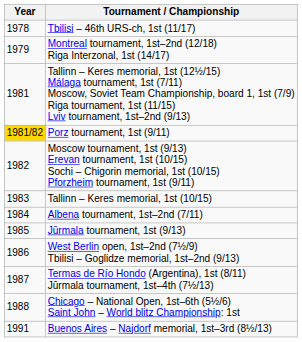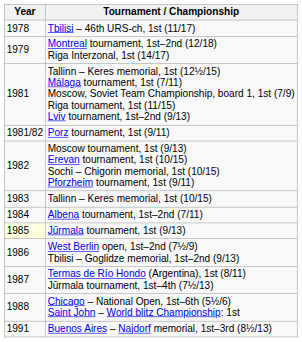 <table class="wikitable">
 <tr>
 <th>Year</th>
 <th>Tournament / Championship</th>
 </tr>
 <tr>
 <td>1978</td>
 <td><a href='#'>Tbilisi</a> – 46th URS-ch, 1st (11/17)</td>
 </tr>
 <tr>
 <td>1979</td>
 <td><a href='#'>Montreal</a> tournament, 1st–2nd (12/18)<br>Riga Interzonal, 1st (14/17)</td>
 </tr>
 <tr>
 <td>1981</td>
 <td>Tallinn – Keres memorial, 1st (12½/15) <br> <a href='#'>Málaga</a> tournament, 1st (7/11)<br>Moscow, Soviet Team Championship, board 1, 1st (7/9)  <br> Riga tournament, 1st (11/15) <br> <a href='#'>Lviv</a> tournament, 1st–2nd (9/13)</td>
 </tr>
 <tr>
-<td style="background: gold;">1981/82</td>
+<td>1981/82</td>
 <td><a href='#'>Porz</a> tournament, 1st (9/11)</td>
 </tr>
 <tr>
 <td>1982</td>
 <td>Moscow tournament, 1st (9/13) <br><a href='#'>Erevan</a> tournament, 1st (10/15) <br> Sochi – Chigorin memorial, 1st (10/15) <br> <a href='#'>Pforzheim</a> tournament, 1st (9/11)</td>
 </tr>
 <tr>
 <td>1983</td>
 <td>Tallinn – Keres memorial, 1st (10/15)</td>
 </tr>
 <tr>
 <td>1984</td>
 <td><a href='#'>Albena</a> tournament, 1st–2nd (7/11)</td>
 </tr>
 <tr>
-<td>1985</td>
+<td style="background: lightyellow;">1985</td>
 <td><a href='#'>Jūrmala</a> tournament, 1st (9/13)</td>
 </tr>
 <tr>
 <td>1986</td>
 <td><a href='#'>West Berlin</a> open, 1st–2nd (7½/9)<br> Tbilisi – Goglidze memorial, 1st–2nd (9/13)</td>
 </tr>
 <tr>
 <td>1987</td>
 <td><a href='#'>Termas de Río Hondo</a> (Argentina), 1st (8/11) <br> Jūrmala tournament, 1st–4th (7½/13)</td>
 </tr>
 <tr>
 <td>1988</td>
 <td><a href='#'>Chicago</a> – National Open, 1st–6th (5½/6) <br> <a href='#'>Saint John</a> – <a href='#'>World blitz Championship</a>: 1st</td>
 </tr>
 <tr>
 <td>1991</td>
 <td><a href='#'>Buenos Aires</a> – <a href='#'>Najdorf</a> memorial, 1st–3rd (8½/13)</td>
 </tr>
 </table>
